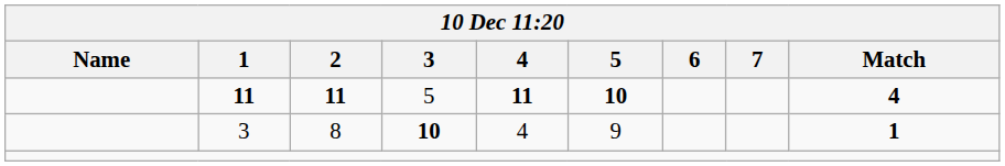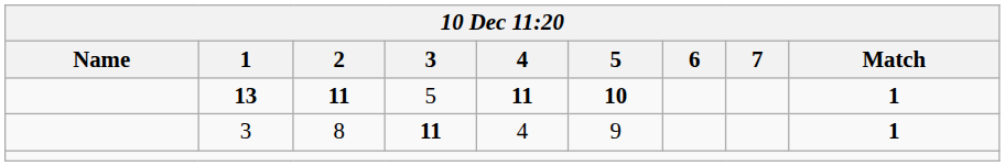 <table class=wikitable style="text-align:center; width: 55%">
 <tr>
 <th colspan=17><em> 10 Dec 11:20</em></th>
 </tr>
 <tr>
 <th>Name</th>
 <th>1</th>
 <th>2</th>
 <th>3</th>
 <th>4</th>
 <th>5</th>
 <th>6</th>
 <th>7</th>
 <th>Match</th>
 </tr>
 <tr>
 <td style="text-align:left;"><strong></strong></td>
-<td><strong>11</strong></td>
+<td><strong>13</strong></td>
 <td><strong>11</strong></td>
 <td>5</td>
 <td><strong>11</strong></td>
 <td><strong>10</strong></td>
 <td></td>
 <td></td>
-<td><strong>4</strong></td>
+<td><strong>1</strong></td>
 </tr>
 <tr>
 <td style="text-align:left;"></td>
 <td>3</td>
 <td>8</td>
-<td><strong>10</strong></td>
+<td><strong>11</strong></td>
 <td>4</td>
 <td>9</td>
 <td></td>
 <td></td>
 <td><strong>1</strong></td>
 </tr>
 <tr>
 <td colspan=17></td>
 </tr>
 </table>
